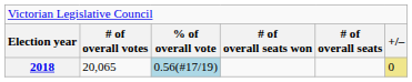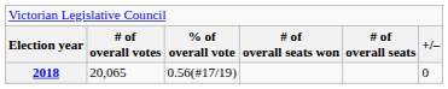 <table class=wikitable>
 <tr>
 <td colspan=7><a href='#'>Victorian Legislative Council</a></td>
 </tr>
 <tr>
 <th>Election year</th>
 <th># of<br>overall votes</th>
 <th>% of<br>overall vote</th>
 <th># of<br>overall seats won</th>
 <th># of<br>overall seats</th>
 <th>+/–</th>
 </tr>
 <tr>
 <th><a href='#'>2018</a></th>
 <td>20,065</td>
-<td style="background: lightblue;">0.56(#17/19)</td>
+<td>0.56(#17/19)</td>
 <td></td>
 <td></td>
-<td style="background: khaki;"> 0</td>
+<td> 0</td>
 </tr>
 </table>
